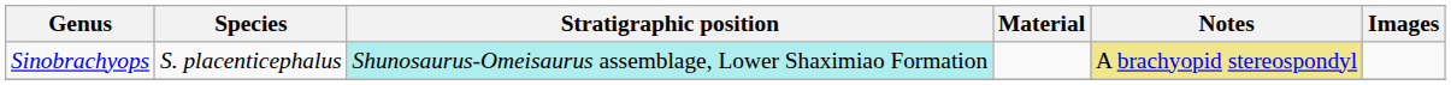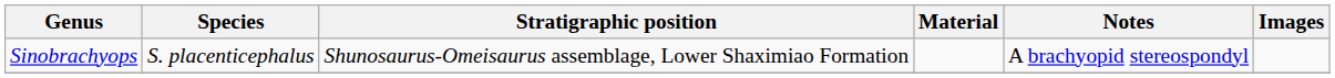 <table class = "wikitable">
 <tr>
 <th>Genus</th>
 <th>Species</th>
 <th>Stratigraphic position</th>
 <th>Material</th>
 <th>Notes</th>
 <th>Images</th>
 </tr>
 <tr>
 <td><em><a href='#'>Sinobrachyops</a></em></td>
 <td><em>S. placenticephalus</em></td>
-<td style="background: paleturquoise;"><em>Shunosaurus</em>-<em>Omeisaurus</em> assemblage, Lower Shaximiao Formation</td>
+<td><em>Shunosaurus</em>-<em>Omeisaurus</em> assemblage, Lower Shaximiao Formation</td>
 <td></td>
-<td style="background: khaki;">A <a href='#'>brachyopid</a> <a href='#'>stereospondyl</a></td>
+<td>A <a href='#'>brachyopid</a> <a href='#'>stereospondyl</a></td>
 <td></td>
 </tr>
 <tr>
 </tr>
 </table>
